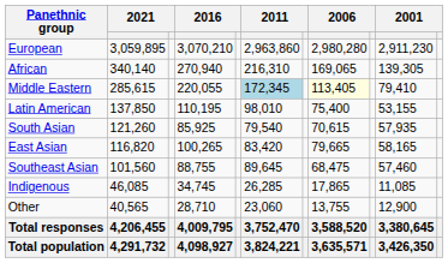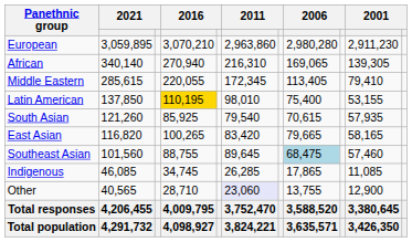 <table class="wikitable collapsible sortable">
 <tr>
 <th rowspan="2"><a href='#'>Panethnic</a><br>group</th>
 <th colspan="2">2021</th>
 <th colspan="2">2016</th>
 <th colspan="2">2011</th>
 <th colspan="2">2006</th>
 <th colspan="2">2001</th>
 </tr>
 <tr>
 <th><a href='#'></a></th>
 <th></th>
 <th></th>
 <th></th>
 <th></th>
 <th></th>
 <th></th>
 <th></th>
 <th></th>
 <th></th>
 </tr>
 <tr>
 <td><a href='#'>European</a></td>
 <td>3,059,895</td>
 <td></td>
 <td>3,070,210</td>
 <td></td>
 <td>2,963,860</td>
 <td></td>
 <td>2,980,280</td>
 <td></td>
 <td>2,911,230</td>
 <td></td>
 </tr>
 <tr>
 <td><a href='#'>African</a></td>
 <td>340,140</td>
 <td></td>
 <td>270,940</td>
 <td></td>
 <td>216,310</td>
 <td></td>
 <td>169,065</td>
 <td></td>
 <td>139,305</td>
 <td></td>
 </tr>
 <tr>
 <td><a href='#'>Middle Eastern</a></td>
 <td>285,615</td>
 <td></td>
 <td>220,055</td>
 <td></td>
-<td style="background: lightblue;">172,345</td>
+<td>172,345</td>
 <td></td>
-<td style="background: lightyellow;">113,405</td>
+<td>113,405</td>
 <td></td>
 <td>79,410</td>
 <td></td>
 </tr>
 <tr>
 <td><a href='#'>Latin American</a></td>
 <td>137,850</td>
 <td></td>
-<td>110,195</td>
+<td style="background: gold;">110,195</td>
 <td></td>
 <td>98,010</td>
 <td></td>
 <td>75,400</td>
 <td></td>
 <td>53,155</td>
 <td></td>
 </tr>
 <tr>
 <td><a href='#'>South Asian</a></td>
 <td>121,260</td>
 <td></td>
 <td>85,925</td>
 <td></td>
 <td>79,540</td>
 <td></td>
 <td>70,615</td>
 <td></td>
 <td>57,935</td>
 <td></td>
 </tr>
 <tr>
 <td><a href='#'>East Asian</a></td>
 <td>116,820</td>
 <td></td>
 <td>100,265</td>
 <td></td>
 <td>83,420</td>
 <td></td>
 <td>79,665</td>
 <td></td>
 <td>58,165</td>
 <td></td>
 </tr>
 <tr>
 <td><a href='#'>Southeast Asian</a></td>
 <td>101,560</td>
 <td></td>
 <td>88,755</td>
 <td></td>
 <td>89,645</td>
 <td></td>
-<td>68,475</td>
+<td style="background: lightblue;">68,475</td>
 <td></td>
 <td>57,460</td>
 <td></td>
 </tr>
 <tr>
 <td><a href='#'>Indigenous</a></td>
 <td>46,085</td>
 <td></td>
 <td>34,745</td>
 <td></td>
 <td>26,285</td>
 <td></td>
 <td>17,865</td>
 <td></td>
 <td>11,085</td>
 <td></td>
 </tr>
 <tr>
 <td>Other</td>
 <td>40,565</td>
 <td></td>
 <td>28,710</td>
 <td></td>
-<td>23,060</td>
+<td style="background: lavender;">23,060</td>
 <td></td>
 <td>13,755</td>
 <td></td>
 <td>12,900</td>
 <td></td>
 </tr>
 <tr>
 <th>Total responses</th>
 <th>4,206,455</th>
 <th></th>
 <th>4,009,795</th>
 <th></th>
 <th>3,752,470</th>
 <th></th>
 <th>3,588,520</th>
 <th></th>
 <th>3,380,645</th>
 <th></th>
 </tr>
 <tr>
 <th>Total population</th>
 <th>4,291,732</th>
 <th></th>
 <th>4,098,927</th>
 <th></th>
 <th>3,824,221</th>
 <th></th>
 <th>3,635,571</th>
 <th></th>
 <th>3,426,350</th>
 <th></th>
 </tr>
 </table>
